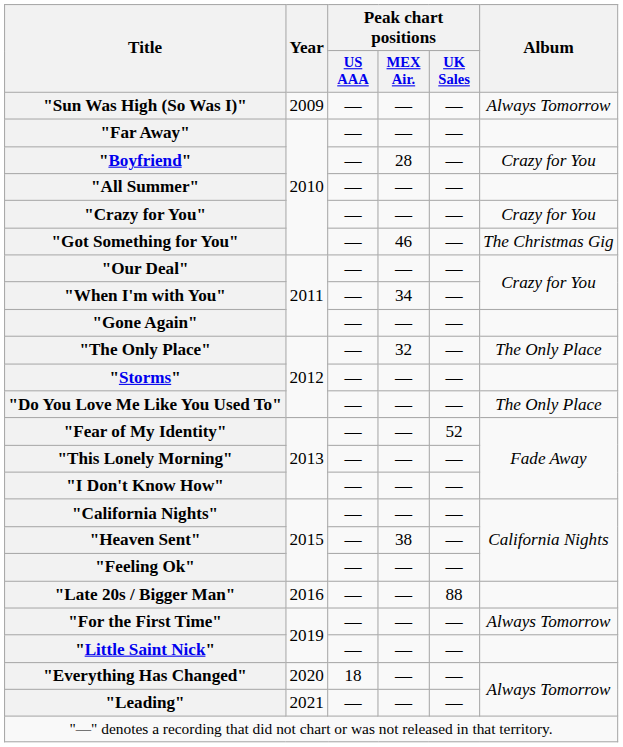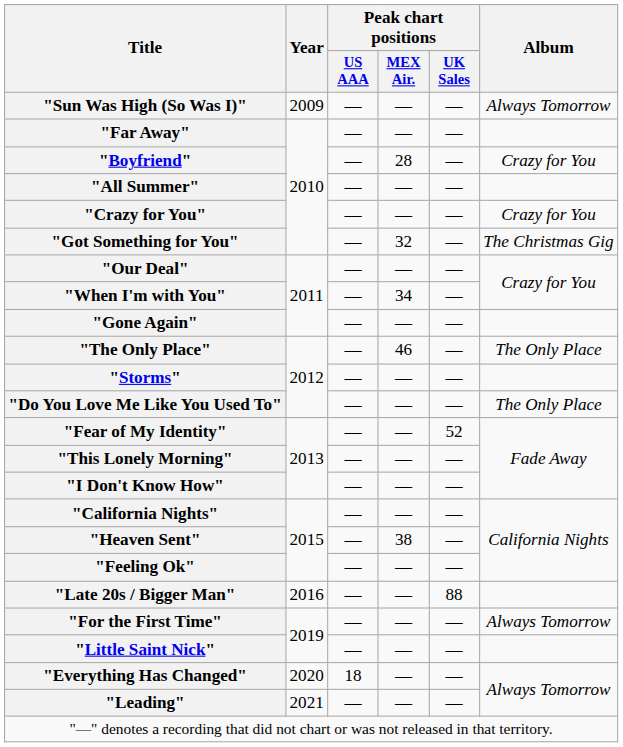 <table class="wikitable plainrowheaders" style="text-align:center;">
 <tr>
 <th scope="col" rowspan="2">Title</th>
 <th scope="col" rowspan="2">Year</th>
 <th scope="col" colspan="3">Peak chart positions</th>
 <th scope="col" rowspan="2">Album</th>
 </tr>
 <tr>
 <th scope="col" style="width:3em;font-size:85%;"><a href='#'>US<br>AAA</a><br></th>
 <th scope="col" style="width:3em;font-size:85%;"><a href='#'>MEX<br> Air.</a><br></th>
 <th scope="col" style="width:3em;font-size:85%;"><a href='#'>UK<br>Sales</a><br></th>
 </tr>
 <tr>
 <th scope="row">"Sun Was High (So Was I)"</th>
 <td>2009</td>
 <td>—</td>
 <td>—</td>
 <td>—</td>
 <td><em>Always Tomorrow</em></td>
 </tr>
 <tr>
 <th scope="row">"Far Away"</th>
 <td rowspan="5">2010</td>
 <td>—</td>
 <td>—</td>
 <td>—</td>
 </tr>
 <tr>
 <th scope="row">"<a href='#'>Boyfriend</a>"</th>
 <td>—</td>
 <td>28</td>
 <td>—</td>
 <td><em>Crazy for You</em></td>
 </tr>
 <tr>
 <th scope="row">"All Summer"<br></th>
 <td>—</td>
 <td>—</td>
 <td>—</td>
 <td></td>
 </tr>
 <tr>
 <th scope="row">"Crazy for You"</th>
 <td>—</td>
 <td>—</td>
 <td>—</td>
 <td><em>Crazy for You</em></td>
 </tr>
 <tr>
 <th scope="row">"Got Something for You"<br></th>
 <td>—</td>
-<td>46</td>
+<td>32</td>
 <td>—</td>
 <td><em>The Christmas Gig</em></td>
 </tr>
 <tr>
 <th scope="row">"Our Deal"</th>
 <td rowspan="3">2011</td>
 <td>—</td>
 <td>—</td>
 <td>—</td>
 <td rowspan="2"><em>Crazy for You</em></td>
 </tr>
 <tr>
 <th scope="row">"When I'm with You"</th>
 <td>—</td>
 <td>34</td>
 <td>—</td>
 </tr>
 <tr>
 <th scope="row">"Gone Again"</th>
 <td>—</td>
 <td>—</td>
 <td>—</td>
 <td></td>
 </tr>
 <tr>
 <th scope="row">"The Only Place"</th>
 <td rowspan="3">2012</td>
 <td>—</td>
-<td>32</td>
+<td>46</td>
 <td>—</td>
 <td><em>The Only Place</em></td>
 </tr>
 <tr>
 <th scope="row">"<a href='#'>Storms</a>"</th>
 <td>—</td>
 <td>—</td>
 <td>—</td>
 <td></td>
 </tr>
 <tr>
 <th scope="row">"Do You Love Me Like You Used To"</th>
 <td>—</td>
 <td>—</td>
 <td>—</td>
 <td><em>The Only Place</em></td>
 </tr>
 <tr>
 <th scope="row">"Fear of My Identity"</th>
 <td rowspan="3">2013</td>
 <td>—</td>
 <td>—</td>
 <td>52</td>
 <td rowspan="3"><em>Fade Away</em></td>
 </tr>
 <tr>
 <th scope="row">"This Lonely Morning"</th>
 <td>—</td>
 <td>—</td>
 <td>—</td>
 </tr>
 <tr>
 <th scope="row">"I Don't Know How"</th>
 <td>—</td>
 <td>—</td>
 <td>—</td>
 </tr>
 <tr>
 <th scope="row">"California Nights"</th>
 <td rowspan="3">2015</td>
 <td>—</td>
 <td>—</td>
 <td>—</td>
 <td rowspan="3"><em>California Nights</em></td>
 </tr>
 <tr>
 <th scope="row">"Heaven Sent"</th>
 <td>—</td>
 <td>38</td>
 <td>—</td>
 </tr>
 <tr>
 <th scope="row">"Feeling Ok"</th>
 <td>—</td>
 <td>—</td>
 <td>—</td>
 </tr>
 <tr>
 <th scope="row">"Late 20s / Bigger Man"</th>
 <td>2016</td>
 <td>—</td>
 <td>—</td>
 <td>88</td>
 <td></td>
 </tr>
 <tr>
 <th scope="row">"For the First Time"</th>
 <td rowspan="2">2019</td>
 <td>—</td>
 <td>—</td>
 <td>—</td>
 <td><em>Always Tomorrow</em></td>
 </tr>
 <tr>
 <th scope="row">"<a href='#'>Little Saint Nick</a>"</th>
 <td>—</td>
 <td>—</td>
 <td>—</td>
 <td></td>
 </tr>
 <tr>
 <th scope="row">"Everything Has Changed"</th>
 <td>2020</td>
 <td>18</td>
 <td>—</td>
 <td>—</td>
 <td rowspan="2"><em>Always Tomorrow</em></td>
 </tr>
 <tr>
 <th scope="row">"Leading"</th>
 <td>2021</td>
 <td>—</td>
 <td>—</td>
 <td>—</td>
 </tr>
 <tr>
 <td colspan="10" style="font-size:90%">"—" denotes a recording that did not chart or was not released in that territory.</td>
 </tr>
 </table>
